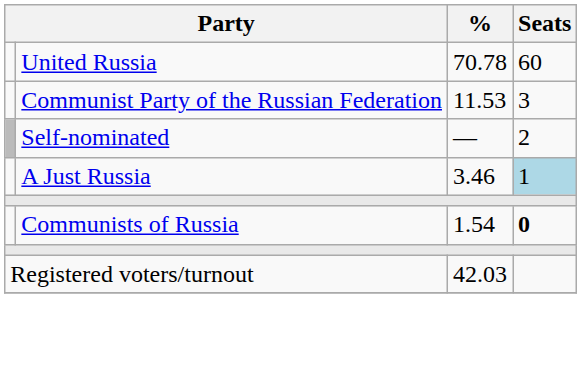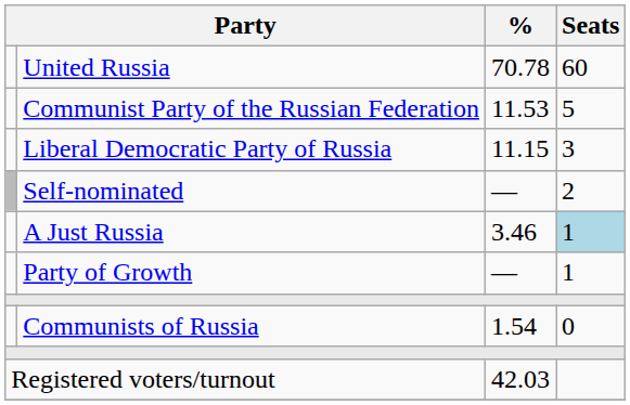 <table class="wikitable">
 <tr>
 <th colspan=2>Party</th>
 <th>%</th>
 <th>Seats</th>
 </tr>
 <tr>
 <td style="background:"></td>
 <td><a href='#'>United Russia</a></td>
 <td>70.78</td>
 <td>60</td>
 </tr>
 <tr>
 <td style="background:"></td>
 <td><a href='#'>Communist Party of the Russian Federation</a></td>
 <td>11.53</td>
+<td>5</td>
+</tr>
+<tr>
+<td style="background:"></td>
+<td><a href='#'>Liberal Democratic Party of Russia</a></td>
+<td>11.15</td>
 <td>3</td>
 </tr>
 <tr>
 <td style="background:#BBBBBB;"></td>
 <td><a href='#'>Self-nominated</a></td>
 <td>—</td>
 <td>2</td>
 </tr>
 <tr>
 <td style="background:"></td>
 <td><a href='#'>A Just Russia</a></td>
 <td>3.46</td>
 <td style="background: lightblue;">1</td>
 </tr>
 <tr>
+<td style="background:"></td>
+<td><a href='#'>Party of Growth</a></td>
+<td>—</td>
+<td>1</td>
+</tr>
+<tr>
 <td colspan=4 style="background:#E9E9E9;"></td>
 </tr>
 <tr>
 <td style="background:"></td>
 <td><a href='#'>Communists of Russia</a></td>
 <td>1.54</td>
-<td><strong>0</strong></td>
+<td>0</td>
 </tr>
 <tr>
 <td colspan=4 style="background:#E9E9E9;"></td>
 </tr>
 <tr>
 <td align=left colspan=2>Registered voters/turnout</td>
 <td>42.03</td>
 <td></td>
 </tr>
 <tr>
 </tr>
 </table>
